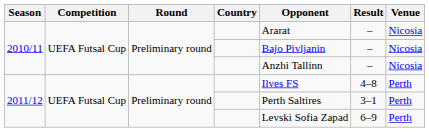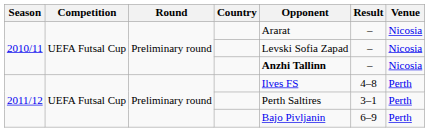 <table class="wikitable">
 <tr>
 <th>Season</th>
 <th>Competition</th>
 <th>Round</th>
 <th>Country</th>
 <th>Opponent</th>
 <th>Result</th>
 <th>Venue</th>
 </tr>
 <tr>
 <td rowspan=3><a href='#'>2010/11</a></td>
 <td rowspan=3 align=center>UEFA Futsal Cup</td>
 <td rowspan=3>Preliminary round</td>
 <td align=center></td>
 <td>Ararat</td>
 <td align=center> –</td>
 <td><a href='#'>Nicosia</a></td>
 </tr>
 <tr>
 <td align=center></td>
-<td><a href='#'>Bajo Pivljanin</a></td>
+<td>Levski Sofia Zapad</td>
 <td align=center> –</td>
 <td><a href='#'>Nicosia</a></td>
 </tr>
 <tr>
 <td align=center></td>
-<td>Anzhi Tallinn</td>
+<td><strong>Anzhi Tallinn</strong></td>
 <td align=center> –</td>
 <td><a href='#'>Nicosia</a></td>
 </tr>
 <tr>
 <td rowspan=3><a href='#'>2011/12</a></td>
 <td rowspan=3 align=center>UEFA Futsal Cup</td>
 <td rowspan=3>Preliminary round</td>
 <td align=center></td>
 <td><a href='#'>Ilves FS</a></td>
 <td align=center>4–8</td>
 <td><a href='#'>Perth</a></td>
 </tr>
 <tr>
 <td align=center></td>
 <td>Perth Saltires</td>
 <td align=center>3–1</td>
 <td><a href='#'>Perth</a></td>
 </tr>
 <tr>
 <td align=center></td>
-<td>Levski Sofia Zapad</td>
+<td><a href='#'>Bajo Pivljanin</a></td>
 <td align=center>6–9</td>
 <td><a href='#'>Perth</a></td>
 </tr>
 </table>
